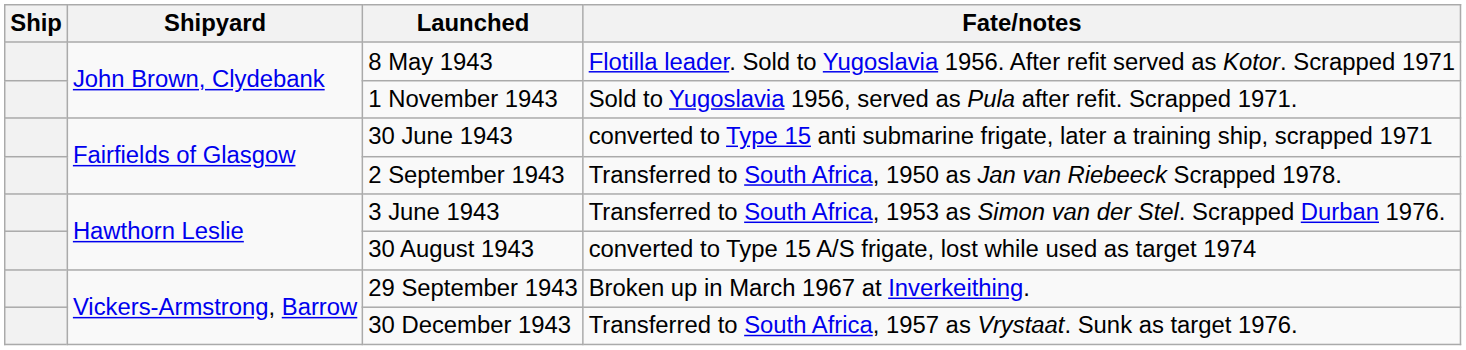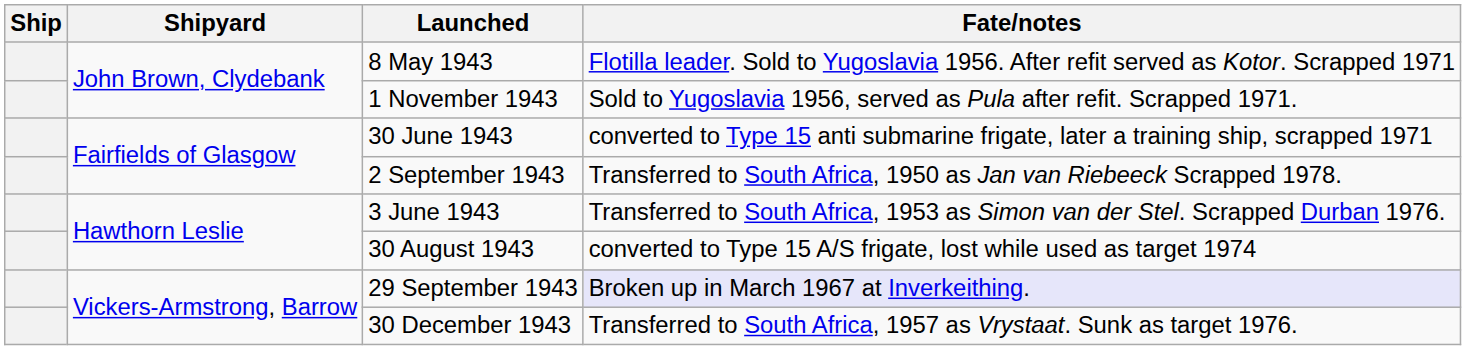 <table class="wikitable plainrowheaders">
 <tr>
 <th scope="col">Ship</th>
 <th scope="col">Shipyard</th>
 <th scope="col">Launched</th>
 <th scope="col">Fate/notes</th>
 </tr>
 <tr>
 <th scope="row"></th>
 <td rowspan=2><a href='#'>John Brown, Clydebank</a></td>
 <td>8 May 1943</td>
 <td><a href='#'>Flotilla leader</a>. Sold to <a href='#'>Yugoslavia</a> 1956. After refit served as <em>Kotor</em>. Scrapped 1971</td>
 </tr>
 <tr>
 <th scope="row"></th>
 <td>1 November 1943</td>
 <td>Sold to <a href='#'>Yugoslavia</a> 1956, served as <em>Pula</em> after refit. Scrapped 1971.</td>
 </tr>
 <tr>
 <th scope="row"></th>
 <td rowspan=2><a href='#'>Fairfields of Glasgow</a></td>
 <td>30 June 1943</td>
 <td>converted to <a href='#'>Type 15</a> anti submarine frigate, later a training ship, scrapped 1971</td>
 </tr>
 <tr>
 <th scope="row"></th>
 <td>2 September 1943</td>
 <td>Transferred to <a href='#'>South Africa</a>, 1950 as <em>Jan van Riebeeck</em> Scrapped 1978.</td>
 </tr>
 <tr>
 <th scope="row"></th>
 <td rowspan=2><a href='#'>Hawthorn Leslie</a></td>
 <td>3 June 1943</td>
 <td>Transferred to <a href='#'>South Africa</a>, 1953 as <em>Simon van der Stel</em>. Scrapped <a href='#'>Durban</a> 1976.</td>
 </tr>
 <tr>
 <th scope="row"></th>
 <td>30 August 1943</td>
 <td>converted to Type 15 A/S frigate, lost while used as target 1974</td>
 </tr>
 <tr>
 <th scope="row"></th>
 <td rowspan=2><a href='#'>Vickers-Armstrong</a>, <a href='#'>Barrow</a></td>
 <td>29 September 1943</td>
-<td>Broken up in March 1967 at <a href='#'>Inverkeithing</a>.</td>
+<td style="background: lavender;">Broken up in March 1967 at <a href='#'>Inverkeithing</a>.</td>
 </tr>
 <tr>
 <th scope="row"></th>
 <td>30 December 1943</td>
 <td>Transferred to <a href='#'>South Africa</a>, 1957 as <em>Vrystaat</em>. Sunk as target 1976.</td>
 </tr>
 </table>
